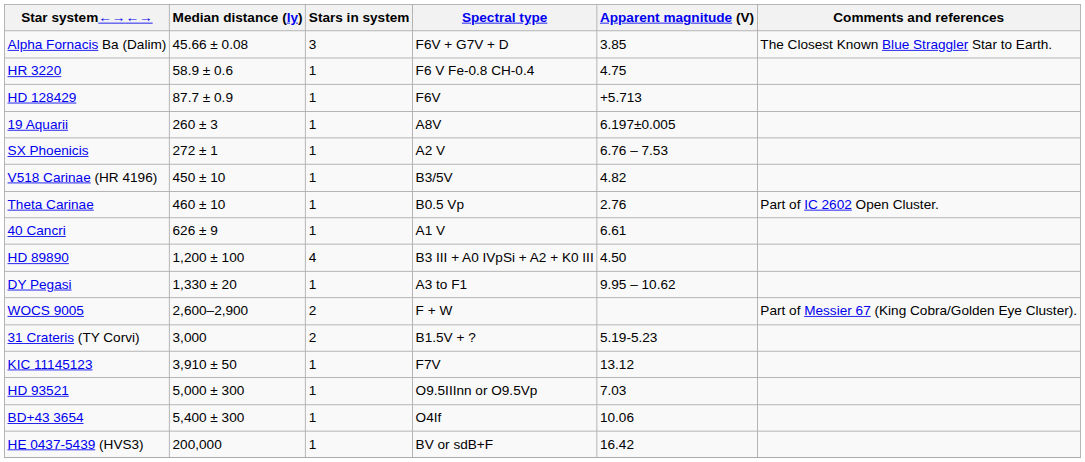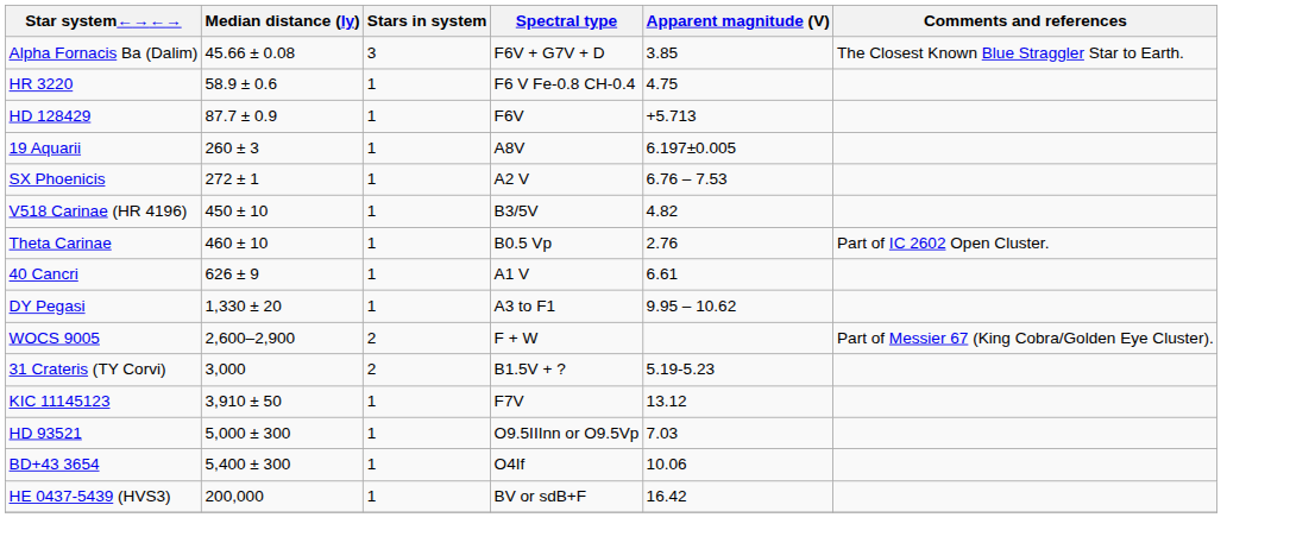 <table class="wikitable sortable" style="font-size:1.00em; line-height:1.5em; position:relative;">
 <tr>
 <th scope="col">Star system<span><a href='#'>←</a></span><span><a href='#'>→</a></span><span><a href='#'>←</a></span><span><a href='#'>→</a></span></th>
 <th scope="col">Median distance (<a href='#'>ly</a>)</th>
 <th scope="col">Stars in system</th>
 <th scope="col"><a href='#'>Spectral type</a></th>
 <th scope="col"><a href='#'>Apparent magnitude</a> (V)</th>
 <th scope="col">Comments and references</th>
 </tr>
 <tr>
 <td><a href='#'>Alpha Fornacis</a> Ba (Dalim)</td>
 <td>45.66 ± 0.08</td>
 <td>3</td>
 <td style="background: ">F6V + G7V + D</td>
 <td>3.85</td>
 <td>The Closest Known <a href='#'>Blue Straggler</a> Star to Earth.</td>
 </tr>
 <tr>
 <td><a href='#'>HR 3220</a></td>
 <td>58.9 ± 0.6</td>
 <td>1</td>
 <td style="background: ">F6 V Fe-0.8 CH-0.4</td>
 <td>4.75</td>
 <td></td>
 </tr>
 <tr>
 <td><a href='#'>HD 128429</a></td>
 <td>87.7 ± 0.9</td>
 <td>1</td>
 <td style="background: ">F6V</td>
 <td>+5.713</td>
 <td></td>
 </tr>
 <tr>
 <td><a href='#'>19 Aquarii</a></td>
 <td>260 ± 3</td>
 <td>1</td>
 <td style="background: ">A8V</td>
 <td>6.197±0.005</td>
 <td></td>
 </tr>
 <tr>
 <td><a href='#'>SX Phoenicis</a></td>
 <td>272 ± 1</td>
 <td>1</td>
 <td style="background: ">A2 V</td>
 <td>6.76 – 7.53</td>
 <td></td>
 </tr>
 <tr>
 <td><a href='#'>V518 Carinae</a> (HR 4196)</td>
 <td>450 ± 10</td>
 <td>1</td>
 <td style="background: ">B3/5V</td>
 <td>4.82</td>
 <td></td>
 </tr>
 <tr>
 <td><a href='#'>Theta Carinae</a></td>
 <td>460 ± 10</td>
 <td>1</td>
 <td style="background: ">B0.5 Vp</td>
 <td>2.76</td>
 <td>Part of <a href='#'>IC 2602</a> Open Cluster.</td>
 </tr>
 <tr>
 <td><a href='#'>40 Cancri</a></td>
 <td>626 ± 9</td>
 <td>1</td>
 <td style="background: ">A1 V</td>
 <td>6.61</td>
 <td></td>
 </tr>
 <tr>
-<td><a href='#'>HD 89890</a></td>
-<td>1,200 ± 100</td>
-<td>4</td>
-<td style="background: ">B3 III + A0 IVpSi + A2 + K0 III</td>
-<td>4.50</td>
-<td></td>
-</tr>
-<tr>
 <td><a href='#'>DY Pegasi</a></td>
 <td>1,330 ± 20</td>
 <td>1</td>
 <td style="background: ">A3 to F1</td>
 <td>9.95 – 10.62</td>
 <td></td>
 </tr>
 <tr>
 <td><a href='#'>WOCS 9005</a></td>
 <td>2,600–2,900</td>
 <td>2</td>
 <td style="background: ">F + W</td>
 <td></td>
 <td>Part of <a href='#'>Messier 67</a> (King Cobra/Golden Eye Cluster).</td>
 </tr>
 <tr>
 <td><a href='#'>31 Crateris</a> (TY Corvi)</td>
 <td>3,000</td>
 <td>2</td>
 <td style="background: ">B1.5V + ?</td>
 <td>5.19-5.23</td>
 <td></td>
 </tr>
 <tr>
 <td><a href='#'>KIC 11145123</a></td>
 <td>3,910 ± 50</td>
 <td>1</td>
 <td style="background: ">F7V</td>
 <td>13.12</td>
 <td></td>
 </tr>
 <tr>
 <td><a href='#'>HD 93521</a></td>
 <td>5,000 ± 300</td>
 <td>1</td>
 <td style="background: ">O9.5IIInn or O9.5Vp</td>
 <td>7.03</td>
 <td></td>
 </tr>
 <tr>
 <td><a href='#'>BD+43 3654</a></td>
 <td>5,400 ± 300</td>
 <td>1</td>
 <td style="background: ">O4If</td>
 <td>10.06</td>
 <td></td>
 </tr>
 <tr>
 <td><a href='#'>HE 0437-5439</a> (HVS3)</td>
 <td>200,000</td>
 <td>1</td>
 <td style="background: ">BV or sdB+F</td>
 <td>16.42</td>
 <td></td>
 </tr>
 <tr>
 </tr>
 </table>
